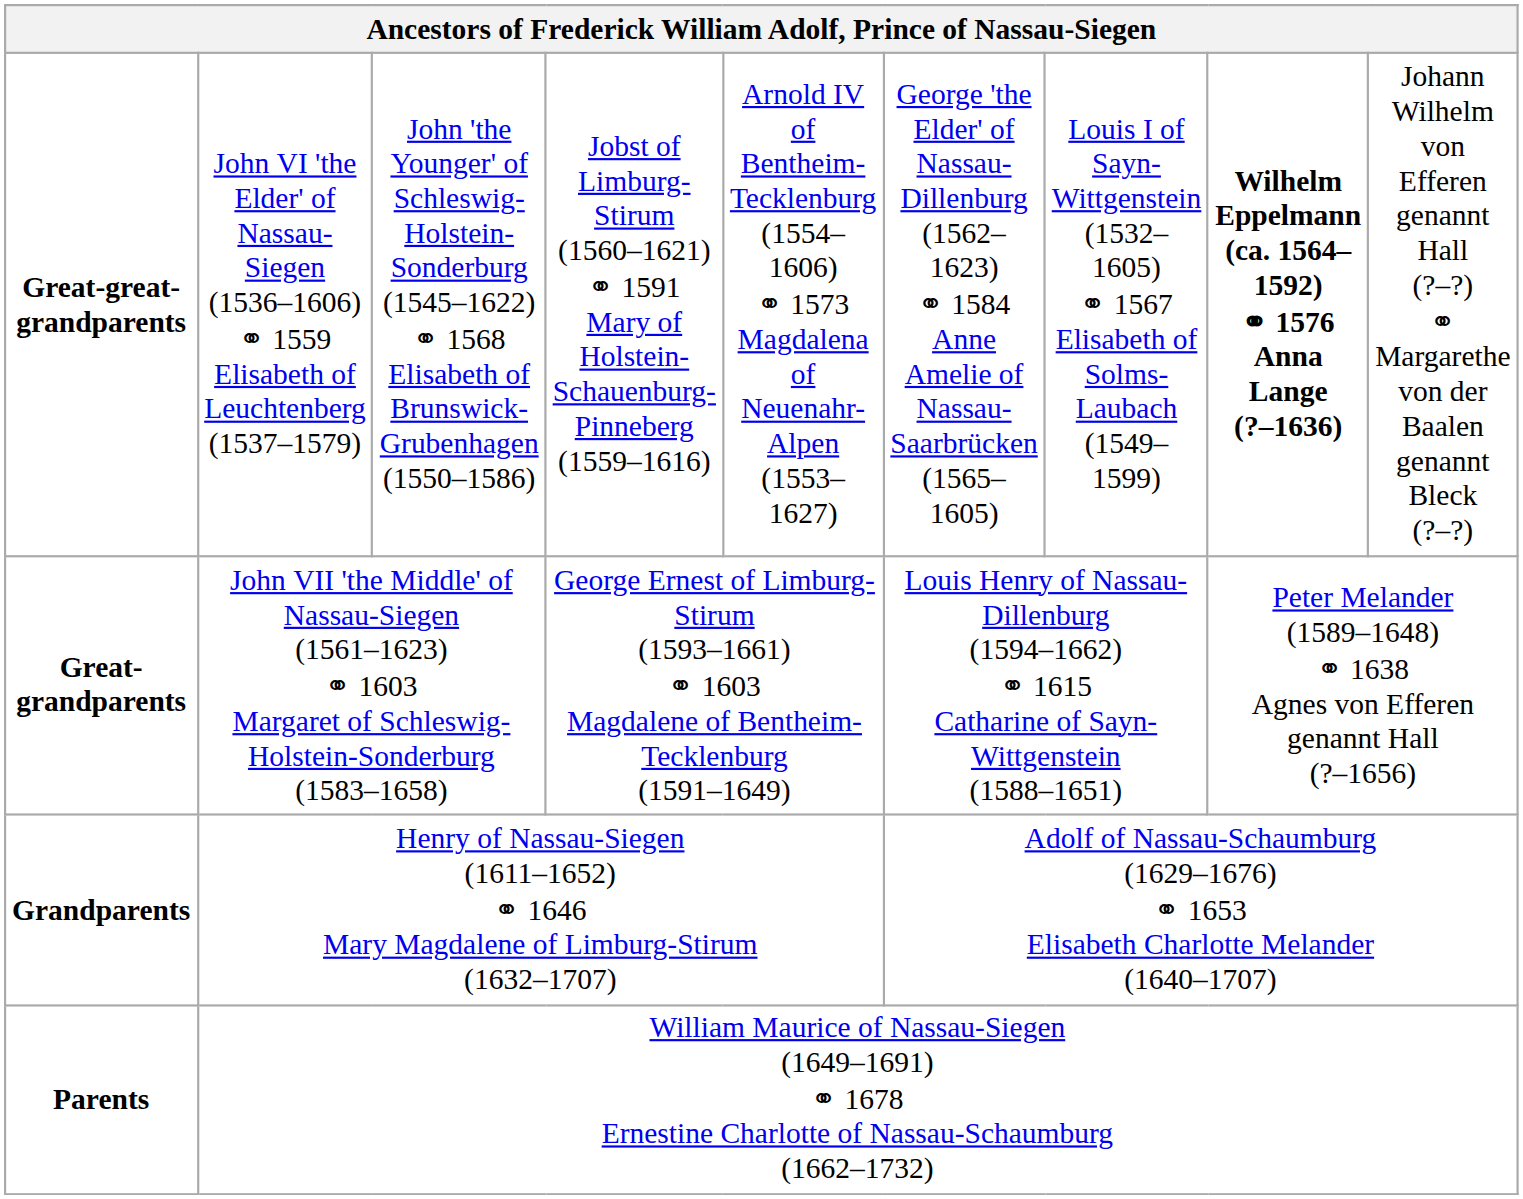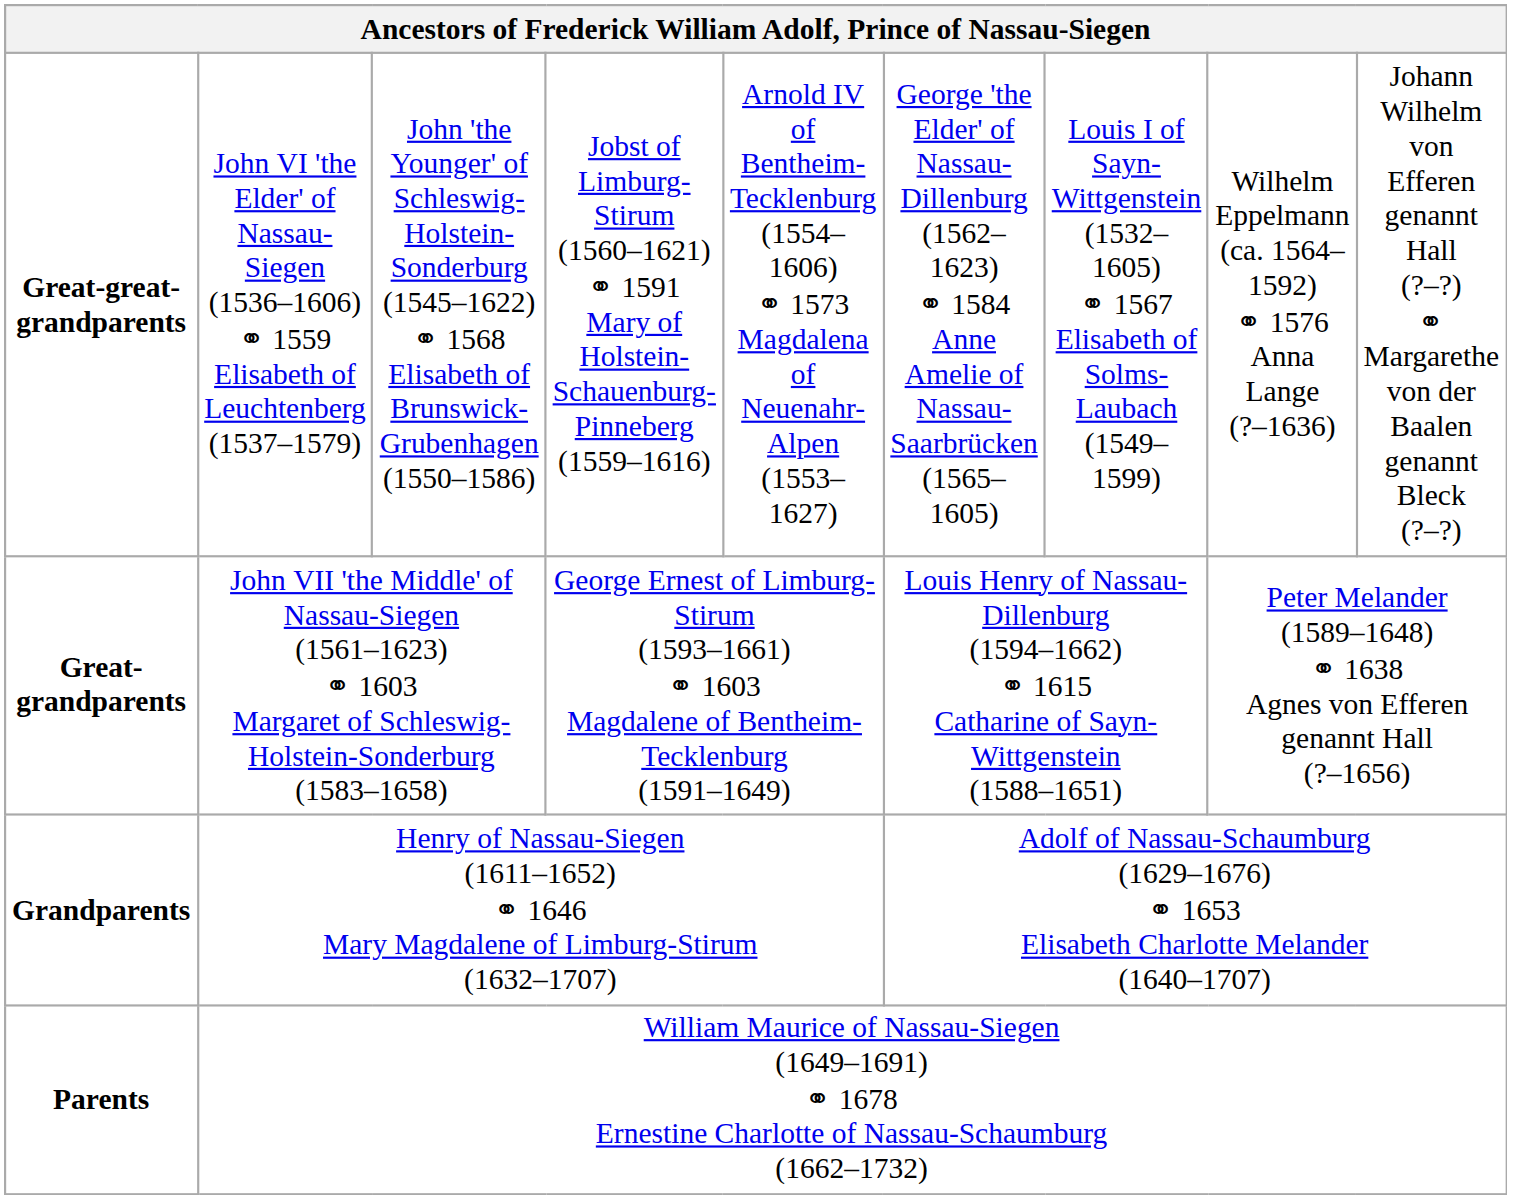 <table class="wikitable" style="background:#FFFFFF; font-size:85%; text-align:center">
 <tr bgcolor="#E0E0E0">
 <th colspan="9">Ancestors of Frederick William Adolf, Prince of Nassau-Siegen</th>
 </tr>
 <tr>
 <td><strong>Great-great-grandparents</strong></td>
 <td colspan="1"><a href='#'>John VI 'the Elder' of Nassau-Siegen</a><br>(1536–1606)<br>⚭ 1559<br><a href='#'>Elisabeth of Leuchtenberg</a><br>(1537–1579)</td>
 <td colspan="1"><a href='#'>John 'the Younger' of Schleswig-Holstein-Sonderburg</a><br>(1545–1622)<br>⚭ 1568<br><a href='#'>Elisabeth of Brunswick-Grubenhagen</a><br>(1550–1586)</td>
 <td colspan="1"><a href='#'>Jobst of Limburg-Stirum</a><br>(1560–1621)<br>⚭ 1591<br><a href='#'>Mary of Holstein-Schauenburg-Pinneberg</a><br>(1559–1616)</td>
 <td colspan="1"><a href='#'>Arnold IV of Bentheim-Tecklenburg</a><br>(1554–1606)<br>⚭ 1573<br><a href='#'>Magdalena of Neuenahr-Alpen</a><br>(1553–1627)</td>
 <td colspan="1"><a href='#'>George 'the Elder' of Nassau-Dillenburg</a><br>(1562–1623)<br>⚭ 1584<br><a href='#'>Anne Amelie of Nassau-Saarbrücken</a><br>(1565–1605)</td>
 <td colspan="1"><a href='#'>Louis I of Sayn-Wittgenstein</a><br>(1532–1605)<br>⚭ 1567<br><a href='#'>Elisabeth of Solms-Laubach</a><br>(1549–1599)</td>
-<td colspan="1"><strong>Wilhelm Eppelmann<br>(ca. 1564–1592)<br>⚭ 1576<br>Anna Lange<br>(?–1636)</strong></td>
+<td colspan="1">Wilhelm Eppelmann<br>(ca. 1564–1592)<br>⚭ 1576<br>Anna Lange<br>(?–1636)</td>
 <td colspan="1">Johann Wilhelm von Efferen genannt Hall<br>(?–?)<br>⚭<br>Margarethe von der Baalen genannt Bleck<br>(?–?)</td>
 </tr>
 <tr>
 <td><strong>Great-grandparents</strong></td>
 <td colspan="2"><a href='#'>John VII 'the Middle' of Nassau-Siegen</a><br>(1561–1623)<br>⚭ 1603<br><a href='#'>Margaret of Schleswig-Holstein-Sonderburg</a><br>(1583–1658)</td>
 <td colspan="2"><a href='#'>George Ernest of Limburg-Stirum</a><br>(1593–1661)<br>⚭ 1603<br><a href='#'>Magdalene of Bentheim-Tecklenburg</a><br>(1591–1649)</td>
 <td colspan="2"><a href='#'>Louis Henry of Nassau-Dillenburg</a><br>(1594–1662)<br>⚭ 1615<br><a href='#'>Catharine of Sayn-Wittgenstein</a><br>(1588–1651)</td>
 <td colspan="2"><a href='#'>Peter Melander</a><br>(1589–1648)<br>⚭ 1638<br>Agnes von Efferen genannt Hall<br>(?–1656)</td>
 </tr>
 <tr>
 <td><strong>Grandparents</strong></td>
 <td colspan="4"><a href='#'>Henry of Nassau-Siegen</a><br>(1611–1652)<br>⚭ 1646<br><a href='#'>Mary Magdalene of Limburg-Stirum</a><br>(1632–1707)</td>
 <td colspan="4"><a href='#'>Adolf of Nassau-Schaumburg</a><br>(1629–1676)<br>⚭ 1653<br><a href='#'>Elisabeth Charlotte Melander</a><br>(1640–1707)</td>
 </tr>
 <tr>
 <td><strong>Parents</strong></td>
 <td colspan="8"><a href='#'>William Maurice of Nassau-Siegen</a><br>(1649–1691)<br>⚭ 1678<br><a href='#'>Ernestine Charlotte of Nassau-Schaumburg</a><br>(1662–1732)</td>
 </tr>
 </table>
